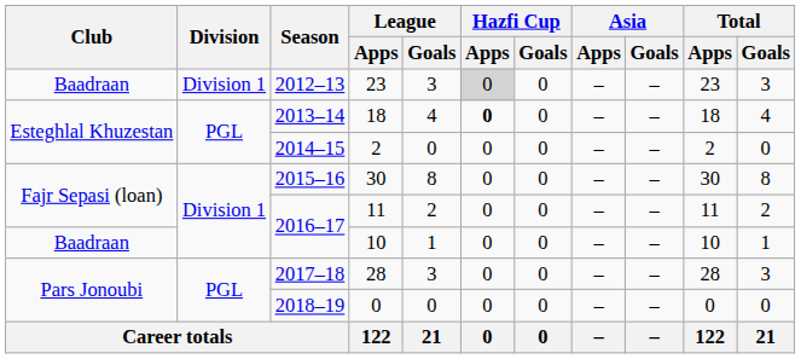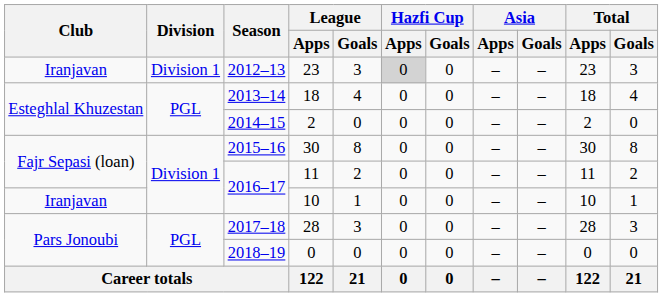 <table class="wikitable" style="text-align: center;">
 <tr>
 <th rowspan="2">Club</th>
 <th rowspan="2">Division</th>
 <th rowspan="2">Season</th>
 <th colspan="2">League</th>
 <th colspan="2"><a href='#'>Hazfi Cup</a></th>
 <th colspan="2"><a href='#'>Asia</a></th>
 <th colspan="2">Total</th>
 </tr>
 <tr>
 <th>Apps</th>
 <th>Goals</th>
 <th>Apps</th>
 <th>Goals</th>
 <th>Apps</th>
 <th>Goals</th>
 <th>Apps</th>
 <th>Goals</th>
 </tr>
 <tr>
-<td><a href='#'>Baadraan</a></td>
+<td><a href='#'>Iranjavan</a></td>
 <td><a href='#'>Division 1</a></td>
 <td><a href='#'>2012–13</a></td>
 <td>23</td>
 <td>3</td>
 <td style="background: lightgrey;">0</td>
 <td>0</td>
 <td>–</td>
 <td>–</td>
 <td>23</td>
 <td>3</td>
 </tr>
 <tr>
 <td rowspan="2"><a href='#'>Esteghlal Khuzestan</a></td>
 <td rowspan="2"><a href='#'>PGL</a></td>
 <td><a href='#'>2013–14</a></td>
 <td>18</td>
 <td>4</td>
-<td><strong>0</strong></td>
+<td>0</td>
 <td>0</td>
 <td>–</td>
 <td>–</td>
 <td>18</td>
 <td>4</td>
 </tr>
 <tr>
 <td><a href='#'>2014–15</a></td>
 <td>2</td>
 <td>0</td>
 <td>0</td>
 <td>0</td>
 <td>–</td>
 <td>–</td>
 <td>2</td>
 <td>0</td>
 </tr>
 <tr>
 <td rowspan="2"><a href='#'>Fajr Sepasi</a> (loan)</td>
 <td rowspan="3"><a href='#'>Division 1</a></td>
 <td><a href='#'>2015–16</a></td>
 <td>30</td>
 <td>8</td>
 <td>0</td>
 <td>0</td>
 <td>–</td>
 <td>–</td>
 <td>30</td>
 <td>8</td>
 </tr>
 <tr>
 <td rowspan="2"><a href='#'>2016–17</a></td>
 <td>11</td>
 <td>2</td>
 <td>0</td>
 <td>0</td>
 <td>–</td>
 <td>–</td>
 <td>11</td>
 <td>2</td>
 </tr>
 <tr>
-<td><a href='#'>Baadraan</a></td>
+<td><a href='#'>Iranjavan</a></td>
 <td>10</td>
 <td>1</td>
 <td>0</td>
 <td>0</td>
 <td>–</td>
 <td>–</td>
 <td>10</td>
 <td>1</td>
 </tr>
 <tr>
 <td rowspan="2"><a href='#'>Pars Jonoubi</a></td>
 <td rowspan="2"><a href='#'>PGL</a></td>
 <td><a href='#'>2017–18</a></td>
 <td>28</td>
 <td>3</td>
 <td>0</td>
 <td>0</td>
 <td>–</td>
 <td>–</td>
 <td>28</td>
 <td>3</td>
 </tr>
 <tr>
 <td><a href='#'>2018–19</a></td>
 <td>0</td>
 <td>0</td>
 <td>0</td>
 <td>0</td>
 <td>–</td>
 <td>–</td>
 <td>0</td>
 <td>0</td>
 </tr>
 <tr>
 <th colspan=3>Career totals</th>
 <th>122</th>
 <th>21</th>
 <th>0</th>
 <th>0</th>
 <th>–</th>
 <th>–</th>
 <th>122</th>
 <th>21</th>
 </tr>
 </table>
